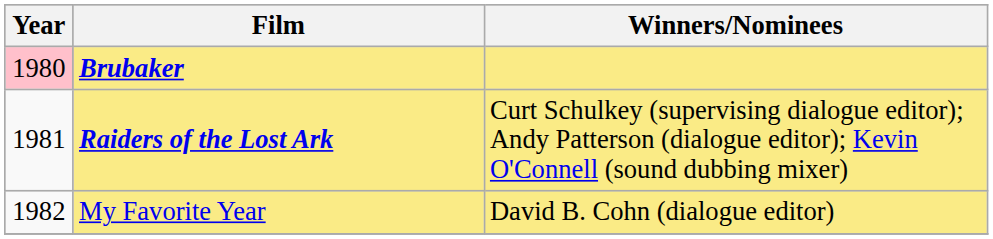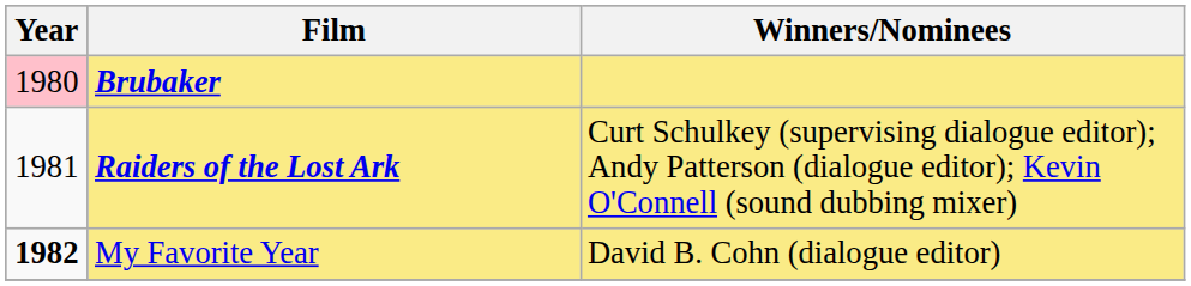 <table class="wikitable" width="95%" cellpadding="5">
 <tr>
 <th width="6%">Year</th>
 <th width="40%">Film</th>
 <th width="49%">Winners/Nominees</th>
 </tr>
 <tr>
 <td rowspan=1 style="background: pink; text-align:center">1980<br></td>
 <td style="background:#FAEB86;"><strong><em><a href='#'>Brubaker</a></em></strong></td>
 <td style="background:#FAEB86;"></td>
 </tr>
 <tr>
 <td rowspan=1 style="text-align:center">1981<br></td>
 <td style="background:#FAEB86;"><strong><em><a href='#'>Raiders of the Lost Ark</a><em> <strong></td>
 <td style="background:#FAEB86;"></strong>Curt Schulkey (supervising dialogue editor); Andy Patterson (dialogue editor); <a href='#'>Kevin O'Connell</a> (sound dubbing mixer)<strong></td>
 </tr>
 <tr>
-<td rowspan=1 style="text-align:center">1982<br></td>
+<td rowspan=1 style="text-align:center"><strong>1982<br></strong></td>
 <td style="background:#FAEB86;"></em></strong><a href='#'>My Favorite Year</a><strong><em></td>
 <td style="background:#FAEB86;"></strong>David B. Cohn (dialogue editor)<strong></td>
 </tr>
 <tr>
 </tr>
 </table>
